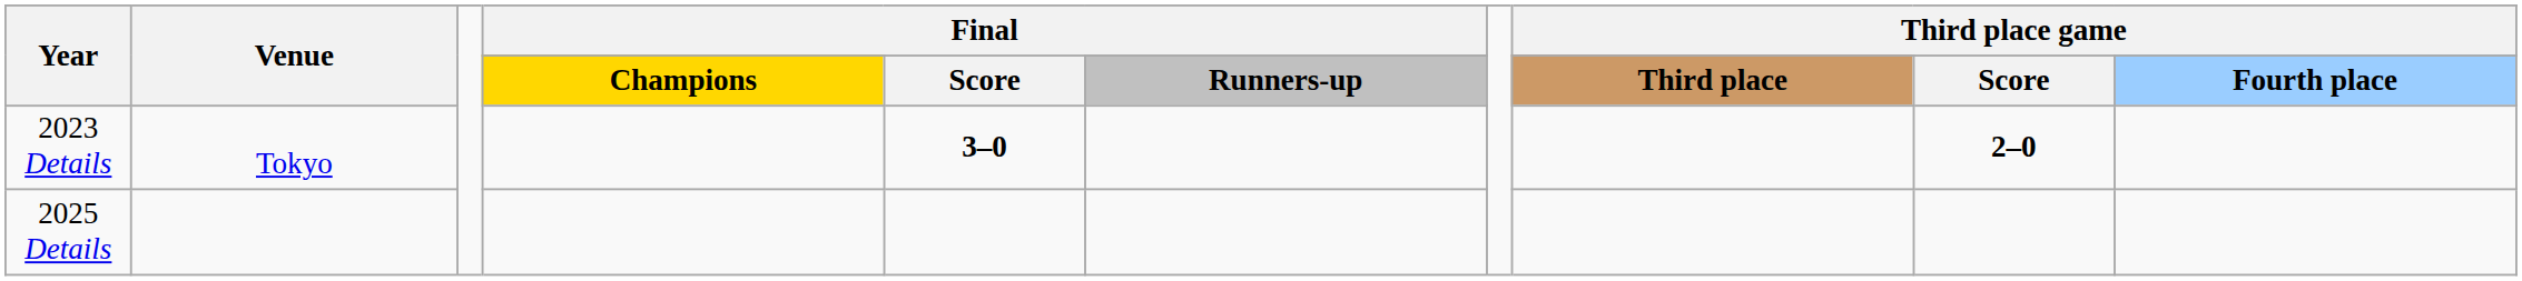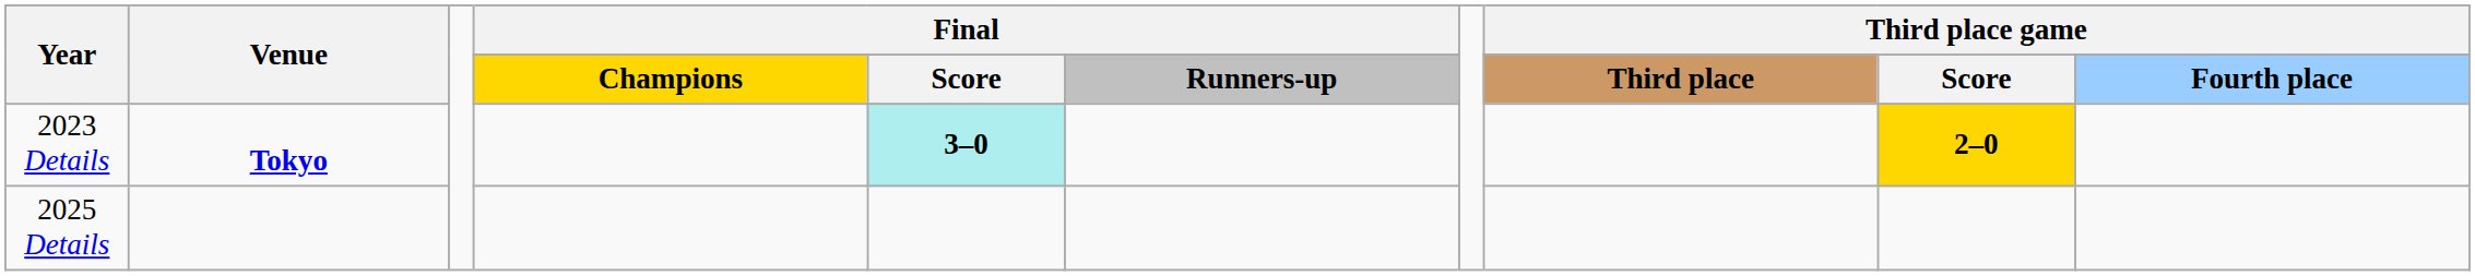 <table class="wikitable" style="font-size:90%; text-align: center;" width="95%">
 <tr>
 <th rowspan="2" style="width:5%;">Year</th>
 <th rowspan="2" style="width:13%;">Venue</th>
 <td rowspan="5" style="width:1%; border-top:none; border-bottom:none;"></td>
 <th colspan="3">Final</th>
 <td rowspan="5" style="width:1%; border-top:none; border-bottom:none;"></td>
 <th colspan="3">Third place game</th>
 </tr>
 <tr>
 <th style="width:16%; background:Gold;">Champions</th>
 <th width=8%>Score</th>
 <th style="width:16%; background:Silver;">Runners-up</th>
 <th style="width:16%; background:#c96;">Third place</th>
 <th width=8%>Score</th>
 <th style="width:16%; background:#9acdff;">Fourth place</th>
 </tr>
 <tr>
 <td>2023<br><em><a href='#'>Details</a></em></td>
-<td><br><a href='#'>Tokyo</a></td>
+<td><strong><br><a href='#'>Tokyo</a></strong></td>
 <td><strong></strong></td>
-<td><strong>3–0</strong></td>
+<td style="background: paleturquoise;"><strong>3–0</strong></td>
 <td></td>
 <td></td>
-<td><strong>2–0</strong></td>
+<td style="background: gold;"><strong>2–0</strong></td>
 <td></td>
 </tr>
 <tr>
 <td>2025<br><em><a href='#'>Details</a></em></td>
 <td><br></td>
 <td></td>
 <td></td>
 <td></td>
 <td></td>
 <td></td>
 <td></td>
 </tr>
 </table>
